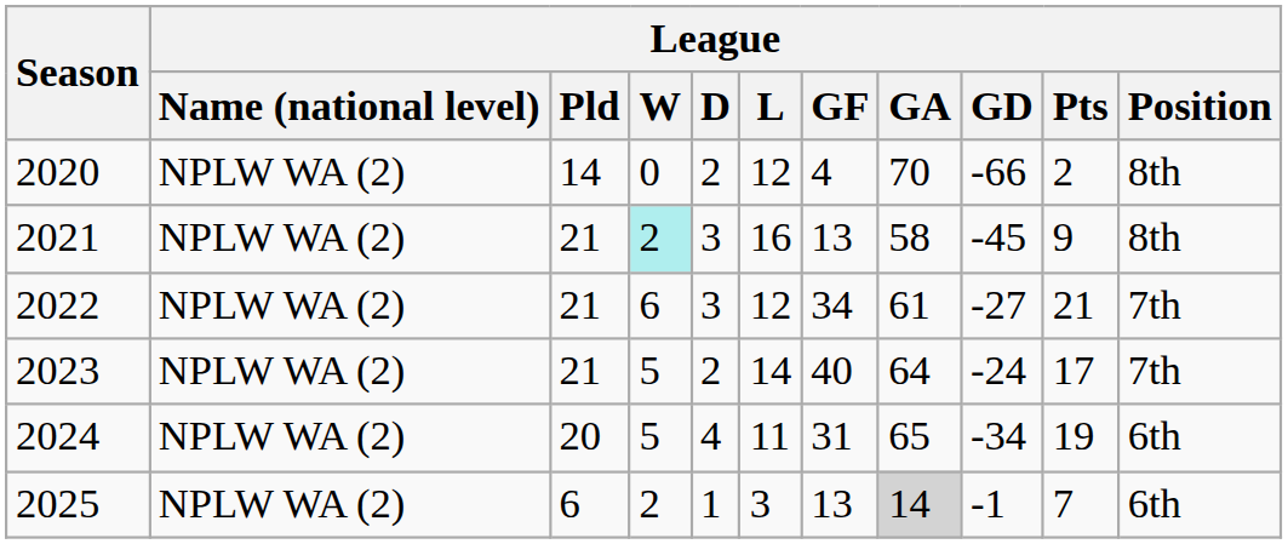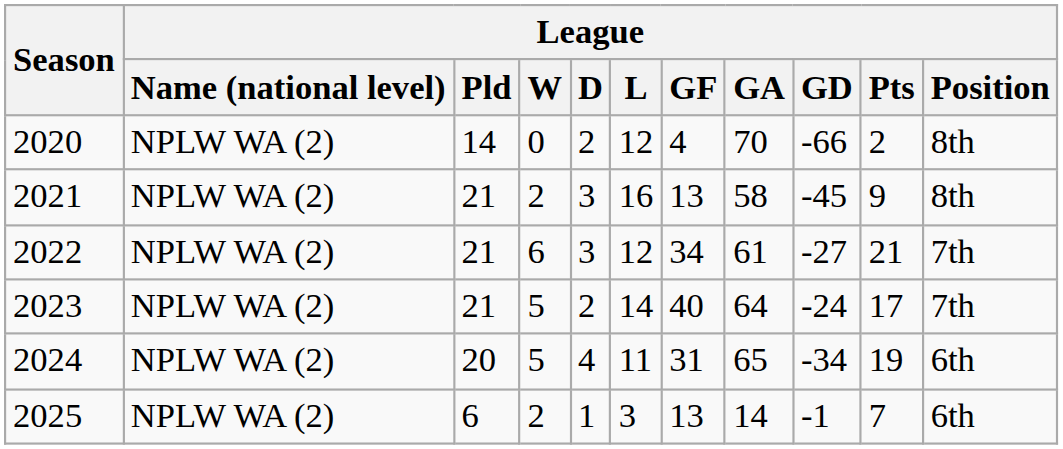 <table class="wikitable">
 <tr>
 <th rowspan="2">Season</th>
 <th colspan="10">League</th>
 </tr>
 <tr>
 <th>Name (national level)</th>
 <th>Pld</th>
 <th>W</th>
 <th>D</th>
 <th>L</th>
 <th>GF</th>
 <th>GA</th>
 <th>GD</th>
 <th>Pts</th>
 <th>Position</th>
 </tr>
 <tr>
 <td>2020</td>
 <td>NPLW WA (2)</td>
 <td>14</td>
 <td>0</td>
 <td>2</td>
 <td>12</td>
 <td>4</td>
 <td>70</td>
 <td>-66</td>
 <td>2</td>
 <td>8th</td>
 </tr>
 <tr>
 <td>2021</td>
 <td>NPLW WA (2)</td>
 <td>21</td>
-<td style="background: paleturquoise;">2</td>
+<td>2</td>
 <td>3</td>
 <td>16</td>
 <td>13</td>
 <td>58</td>
 <td>-45</td>
 <td>9</td>
 <td>8th</td>
 </tr>
 <tr>
 <td>2022</td>
 <td>NPLW WA (2)</td>
 <td>21</td>
 <td>6</td>
 <td>3</td>
 <td>12</td>
 <td>34</td>
 <td>61</td>
 <td>-27</td>
 <td>21</td>
 <td>7th</td>
 </tr>
 <tr>
 <td>2023</td>
 <td>NPLW WA (2)</td>
 <td>21</td>
 <td>5</td>
 <td>2</td>
 <td>14</td>
 <td>40</td>
 <td>64</td>
 <td>-24</td>
 <td>17</td>
 <td>7th</td>
 </tr>
 <tr>
 <td>2024</td>
 <td>NPLW WA (2)</td>
 <td>20</td>
 <td>5</td>
 <td>4</td>
 <td>11</td>
 <td>31</td>
 <td>65</td>
 <td>-34</td>
 <td>19</td>
 <td>6th</td>
 </tr>
 <tr>
 <td>2025</td>
 <td>NPLW WA (2)</td>
 <td>6</td>
 <td>2</td>
 <td>1</td>
 <td>3</td>
 <td>13</td>
-<td style="background: lightgrey;">14</td>
+<td>14</td>
 <td>-1</td>
 <td>7</td>
 <td>6th</td>
 </tr>
 </table>
